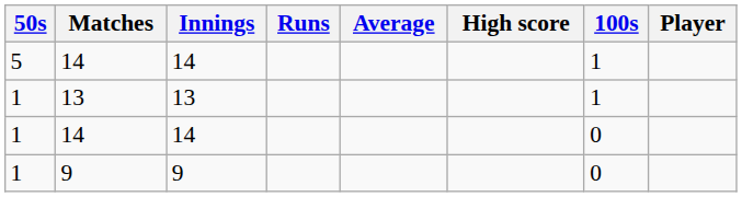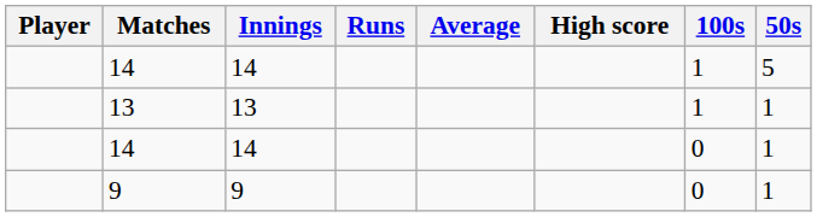 <table class="wikitable sortable" style="width:80%;">
 <tr>
-<th><a href='#'>50s</a></th>
+<th>Player</th>
 <th>Matches</th>
 <th><a href='#'>Innings</a></th>
 <th><a href='#'>Runs</a></th>
 <th><a href='#'>Average</a></th>
 <th>High score</th>
 <th><a href='#'>100s</a></th>
-<th>Player</th>
+<th><a href='#'>50s</a></th>
 </tr>
 <tr>
-<td>5</td>
+<td></td>
 <td>14</td>
 <td>14</td>
 <td></td>
 <td></td>
 <td></td>
 <td>1</td>
-<td></td>
+<td>5</td>
 </tr>
 <tr>
-<td>1</td>
+<td></td>
 <td>13</td>
 <td>13</td>
 <td></td>
 <td></td>
 <td></td>
 <td>1</td>
-<td></td>
+<td>1</td>
 </tr>
 <tr>
-<td>1</td>
+<td></td>
 <td>14</td>
 <td>14</td>
 <td></td>
 <td></td>
 <td></td>
 <td>0</td>
-<td></td>
+<td>1</td>
 </tr>
 <tr>
-<td>1</td>
+<td></td>
 <td>9</td>
 <td>9</td>
 <td></td>
 <td></td>
 <td></td>
 <td>0</td>
-<td></td>
+<td>1</td>
 </tr>
 </table>
